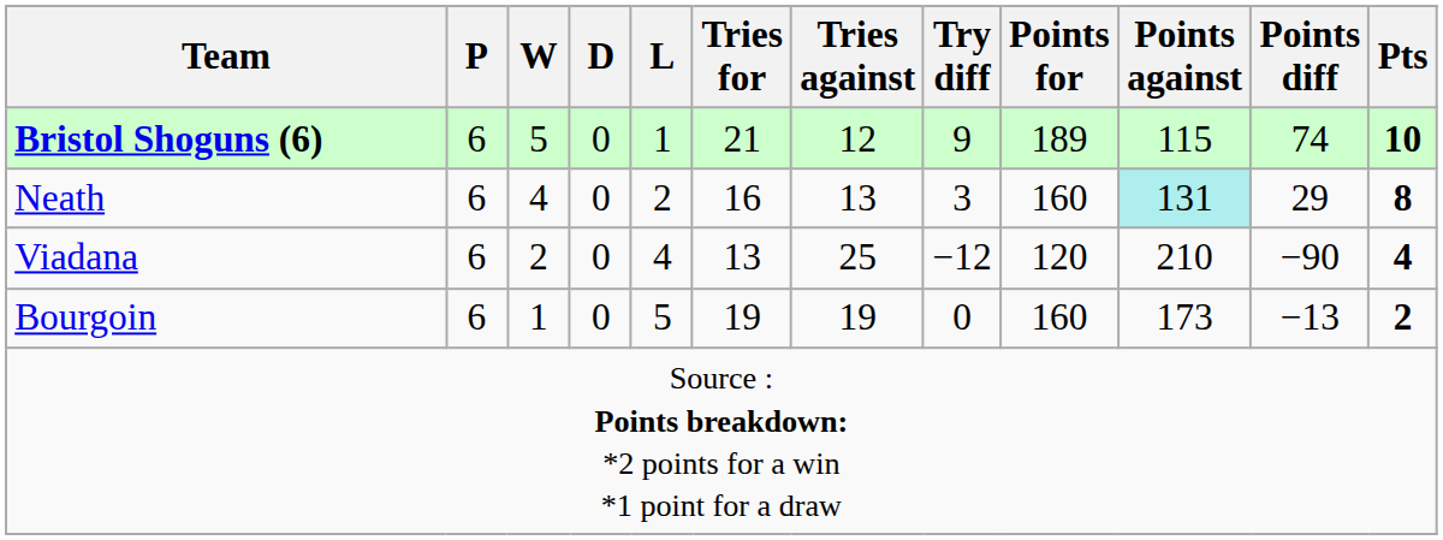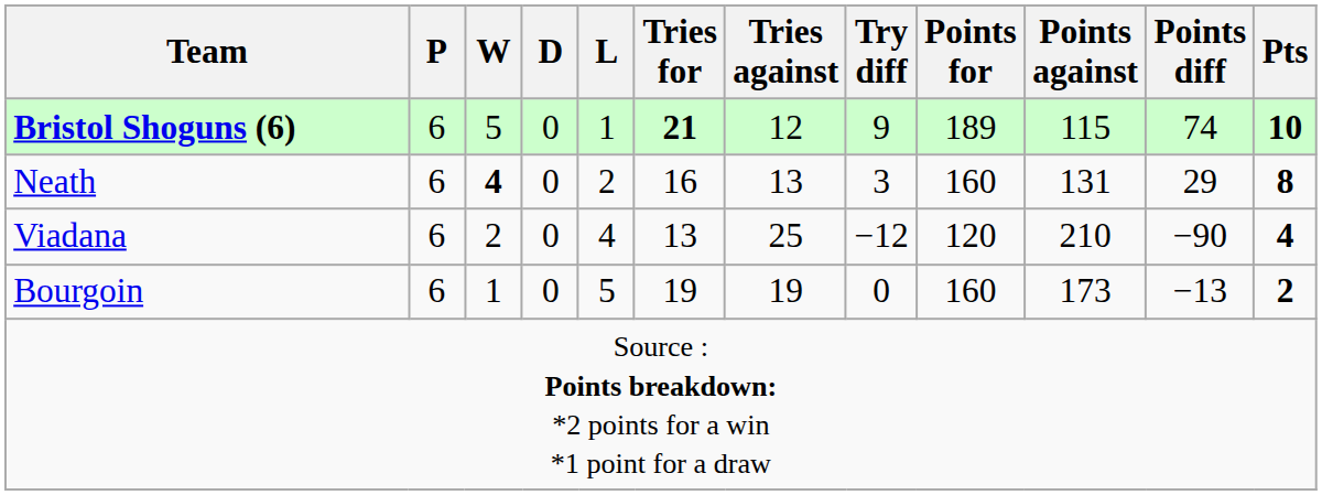 <table class="wikitable" style="text-align: center;">
 <tr>
 <th width="200">Team</th>
 <th width="20">P</th>
 <th width="20">W</th>
 <th width="20">D</th>
 <th width="20">L</th>
 <th width="20">Tries for</th>
 <th width="20">Tries against</th>
 <th width="20">Try diff</th>
 <th width="20">Points for</th>
 <th width="20">Points against</th>
 <th width="25">Points diff</th>
 <th width="20">Pts</th>
 </tr>
 <tr bgcolor="#ccffcc">
 <td align="left"> <strong><a href='#'>Bristol Shoguns</a> (6)</strong></td>
 <td>6</td>
 <td>5</td>
 <td>0</td>
 <td>1</td>
-<td>21</td>
+<td><strong>21</strong></td>
 <td>12</td>
 <td>9</td>
 <td>189</td>
 <td>115</td>
 <td>74</td>
 <td><strong>10</strong></td>
 </tr>
 <tr>
 <td align="left"> <a href='#'>Neath</a></td>
 <td>6</td>
-<td>4</td>
+<td><strong>4</strong></td>
 <td>0</td>
 <td>2</td>
 <td>16</td>
 <td>13</td>
 <td>3</td>
 <td>160</td>
-<td style="background: paleturquoise;">131</td>
+<td>131</td>
 <td>29</td>
 <td><strong>8</strong></td>
 </tr>
 <tr>
 <td align="left"> <a href='#'>Viadana</a></td>
 <td>6</td>
 <td>2</td>
 <td>0</td>
 <td>4</td>
 <td>13</td>
 <td>25</td>
 <td>−12</td>
 <td>120</td>
 <td>210</td>
 <td>−90</td>
 <td><strong>4</strong></td>
 </tr>
 <tr>
 <td align="left"> <a href='#'>Bourgoin</a></td>
 <td>6</td>
 <td>1</td>
 <td>0</td>
 <td>5</td>
 <td>19</td>
 <td>19</td>
 <td>0</td>
 <td>160</td>
 <td>173</td>
 <td>−13</td>
 <td><strong>2</strong></td>
 </tr>
 <tr |align=left|>
 <td colspan="14" style="border:0px"><small>Source :  <br><strong>Points breakdown:</strong><br>*2 points for a win<br>*1 point for a draw</small></td>
 </tr>
 </table>
